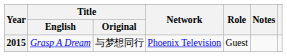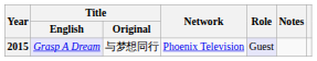 <table class="wikitable plainrowheaders sortable">
 <tr>
 <th rowspan="2" scope="col">Year</th>
 <th colspan="2" scope="col">Title</th>
 <th rowspan="2">Network</th>
 <th rowspan="2" scope="col">Role</th>
 <th rowspan="2" scope="col" class="unsortable">Notes</th>
 <th rowspan="2" scope="col" class="unsortable"></th>
 </tr>
 <tr>
 <th>English</th>
 <th>Original</th>
 </tr>
 <tr>
 <th scope="row">2015</th>
-<td><em><a href='#'>Grasp A Dream</a></em></td>
+<td style="background: lavender;"><em><a href='#'>Grasp A Dream</a></em></td>
 <td>与梦想同行</td>
 <td><a href='#'>Phoenix Television</a></td>
-<td>Guest</td>
+<td style="background: lavender;">Guest</td>
 <td></td>
 <td></td>
 </tr>
 </table>
